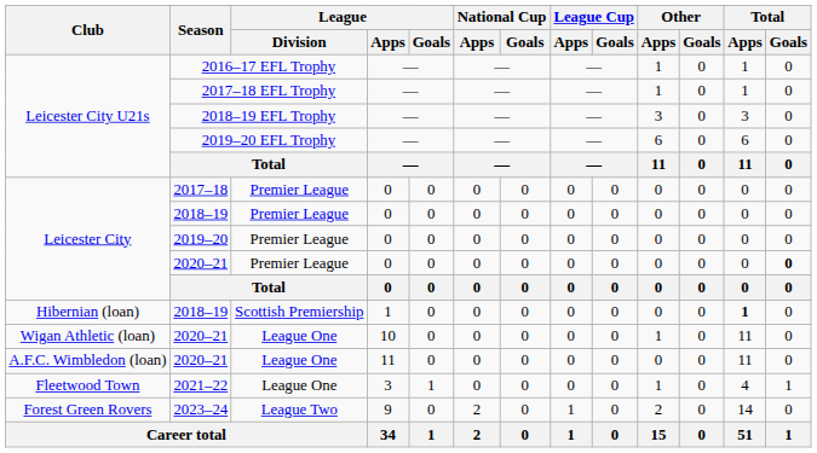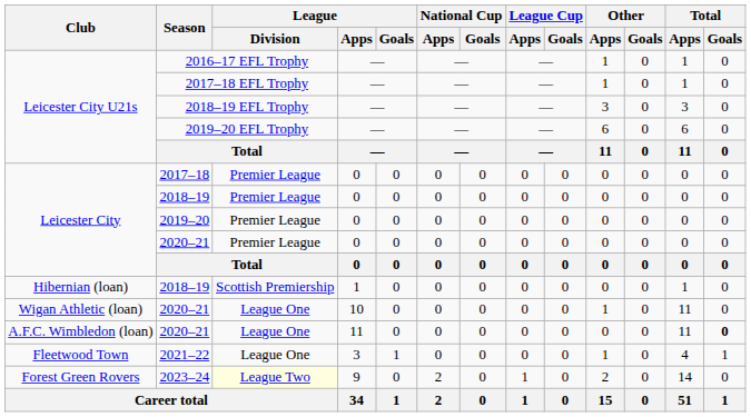 <table class="wikitable" style="text-align: center;">
 <tr>
 <th rowspan="2">Club</th>
 <th rowspan="2">Season</th>
 <th colspan="3">League</th>
 <th colspan="2">National Cup</th>
 <th colspan="2"><a href='#'>League Cup</a></th>
 <th colspan="2">Other</th>
 <th colspan="2">Total</th>
 </tr>
 <tr>
 <th>Division</th>
 <th>Apps</th>
 <th>Goals</th>
 <th>Apps</th>
 <th>Goals</th>
 <th>Apps</th>
 <th>Goals</th>
 <th>Apps</th>
 <th>Goals</th>
 <th>Apps</th>
 <th>Goals</th>
 </tr>
 <tr>
 <td rowspan=5><a href='#'>Leicester City U21s</a></td>
 <td colspan="2"><a href='#'>2016–17 EFL Trophy</a></td>
 <td colspan="2">—</td>
 <td colspan="2">—</td>
 <td colspan="2">—</td>
 <td>1</td>
 <td>0</td>
 <td>1</td>
 <td>0</td>
 </tr>
 <tr>
 <td colspan="2"><a href='#'>2017–18 EFL Trophy</a></td>
 <td colspan="2">—</td>
 <td colspan="2">—</td>
 <td colspan="2">—</td>
 <td>1</td>
 <td>0</td>
 <td>1</td>
 <td>0</td>
 </tr>
 <tr>
 <td colspan="2"><a href='#'>2018–19 EFL Trophy</a></td>
 <td colspan="2">—</td>
 <td colspan="2">—</td>
 <td colspan="2">—</td>
 <td>3</td>
 <td>0</td>
 <td>3</td>
 <td>0</td>
 </tr>
 <tr>
 <td colspan="2"><a href='#'>2019–20 EFL Trophy</a></td>
 <td colspan="2">—</td>
 <td colspan="2">—</td>
 <td colspan="2">—</td>
 <td>6</td>
 <td>0</td>
 <td>6</td>
 <td>0</td>
 </tr>
 <tr>
 <th colspan=2>Total</th>
 <th colspan="2">—</th>
 <th colspan="2">—</th>
 <th colspan="2">—</th>
 <th>11</th>
 <th>0</th>
 <th>11</th>
 <th>0</th>
 </tr>
 <tr>
 <td rowspan=5><a href='#'>Leicester City</a></td>
 <td><a href='#'>2017–18</a></td>
 <td><a href='#'>Premier League</a></td>
 <td>0</td>
 <td>0</td>
 <td>0</td>
 <td>0</td>
 <td>0</td>
 <td>0</td>
 <td>0</td>
 <td>0</td>
 <td>0</td>
 <td>0</td>
 </tr>
 <tr>
 <td><a href='#'>2018–19</a></td>
 <td><a href='#'>Premier League</a></td>
 <td>0</td>
 <td>0</td>
 <td>0</td>
 <td>0</td>
 <td>0</td>
 <td>0</td>
 <td>0</td>
 <td>0</td>
 <td>0</td>
 <td>0</td>
 </tr>
 <tr>
 <td><a href='#'>2019–20</a></td>
 <td>Premier League</td>
 <td>0</td>
 <td>0</td>
 <td>0</td>
 <td>0</td>
 <td>0</td>
 <td>0</td>
 <td>0</td>
 <td>0</td>
 <td>0</td>
 <td>0</td>
 </tr>
 <tr>
 <td><a href='#'>2020–21</a></td>
 <td>Premier League</td>
 <td>0</td>
 <td>0</td>
 <td>0</td>
 <td>0</td>
 <td>0</td>
 <td>0</td>
 <td>0</td>
 <td>0</td>
 <td>0</td>
-<td><strong>0</strong></td>
+<td>0</td>
 </tr>
 <tr>
 <th colspan=2>Total</th>
 <th>0</th>
 <th>0</th>
 <th>0</th>
 <th>0</th>
 <th>0</th>
 <th>0</th>
 <th>0</th>
 <th>0</th>
 <th>0</th>
 <th>0</th>
 </tr>
 <tr>
 <td><a href='#'>Hibernian</a> (loan)</td>
 <td><a href='#'>2018–19</a></td>
 <td><a href='#'>Scottish Premiership</a></td>
 <td>1</td>
 <td>0</td>
 <td>0</td>
 <td>0</td>
 <td>0</td>
 <td>0</td>
 <td>0</td>
 <td>0</td>
-<td><strong>1</strong></td>
+<td>1</td>
 <td>0</td>
 </tr>
 <tr>
 <td><a href='#'>Wigan Athletic</a> (loan)</td>
 <td><a href='#'>2020–21</a></td>
 <td><a href='#'>League One</a></td>
 <td>10</td>
 <td>0</td>
 <td>0</td>
 <td>0</td>
 <td>0</td>
 <td>0</td>
 <td>1</td>
 <td>0</td>
 <td>11</td>
 <td>0</td>
 </tr>
 <tr>
 <td><a href='#'>A.F.C. Wimbledon</a> (loan)</td>
 <td><a href='#'>2020–21</a></td>
 <td><a href='#'>League One</a></td>
 <td>11</td>
 <td>0</td>
 <td>0</td>
 <td>0</td>
 <td>0</td>
 <td>0</td>
 <td>0</td>
 <td>0</td>
 <td>11</td>
-<td>0</td>
+<td><strong>0</strong></td>
 </tr>
 <tr>
 <td><a href='#'>Fleetwood Town</a></td>
 <td><a href='#'>2021–22</a></td>
 <td>League One</td>
 <td>3</td>
 <td>1</td>
 <td>0</td>
 <td>0</td>
 <td>0</td>
 <td>0</td>
 <td>1</td>
 <td>0</td>
 <td>4</td>
 <td>1</td>
 </tr>
 <tr>
 <td><a href='#'>Forest Green Rovers</a></td>
 <td><a href='#'>2023–24</a></td>
-<td><a href='#'>League Two</a></td>
+<td style="background: lightyellow;"><a href='#'>League Two</a></td>
 <td>9</td>
 <td>0</td>
 <td>2</td>
 <td>0</td>
 <td>1</td>
 <td>0</td>
 <td>2</td>
 <td>0</td>
 <td>14</td>
 <td>0</td>
 </tr>
 <tr>
 <th colspan=3>Career total</th>
 <th>34</th>
 <th>1</th>
 <th>2</th>
 <th>0</th>
 <th>1</th>
 <th>0</th>
 <th>15</th>
 <th>0</th>
 <th>51</th>
 <th>1</th>
 </tr>
 </table>
